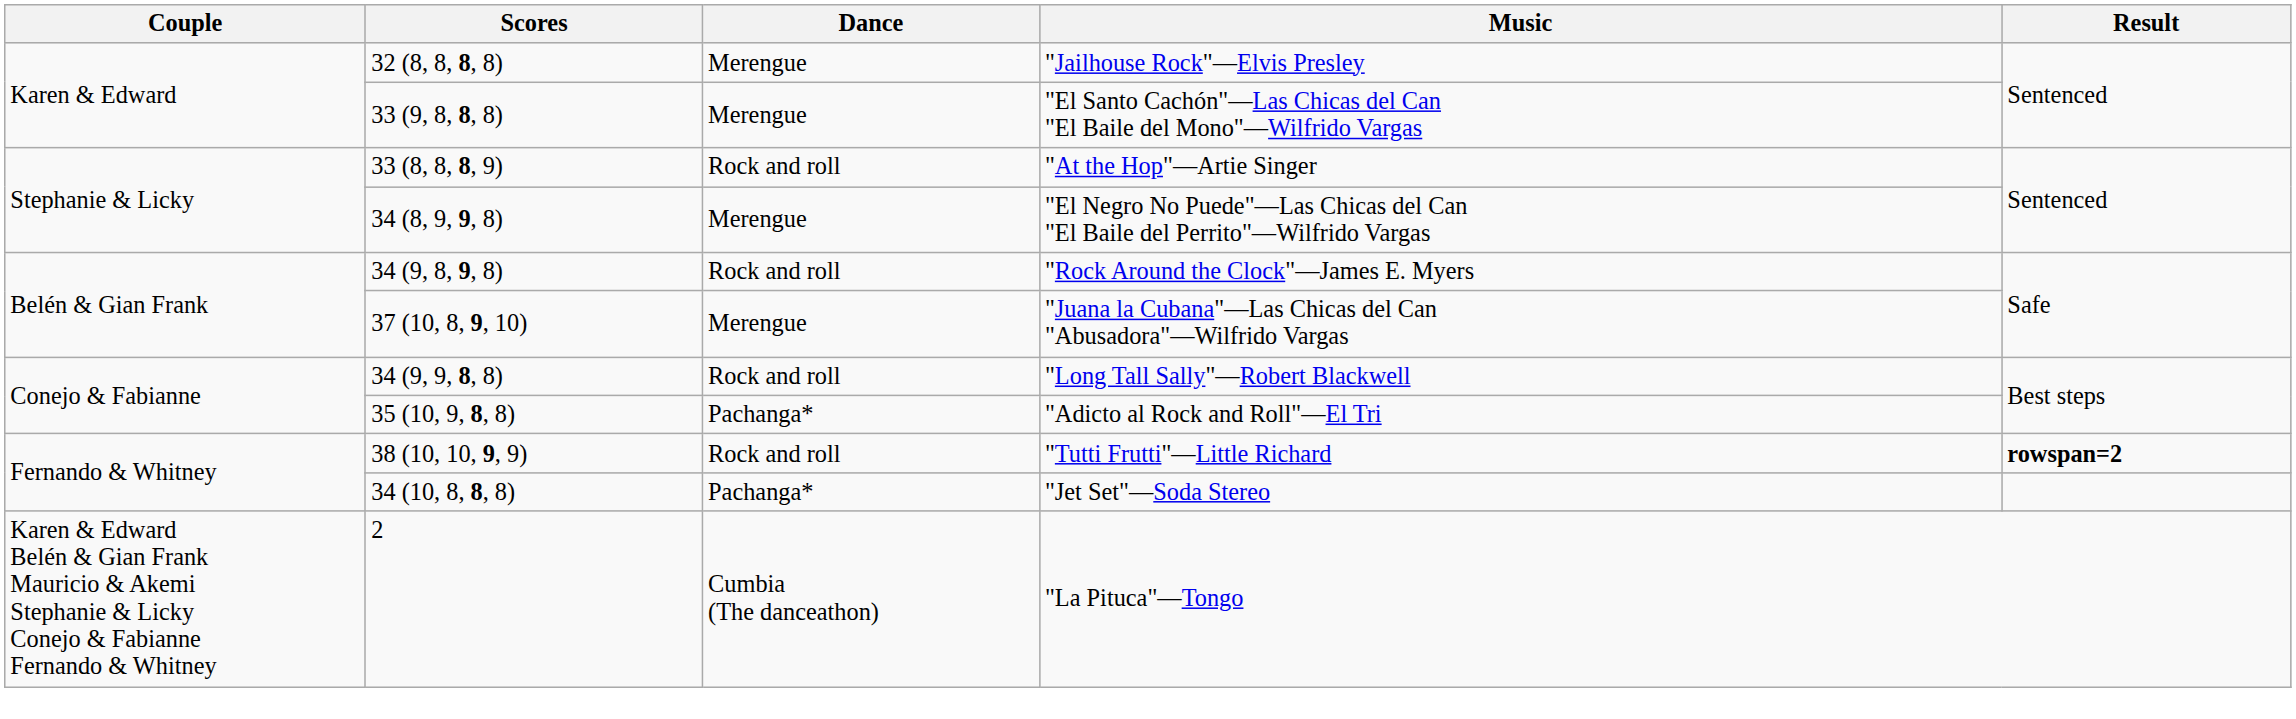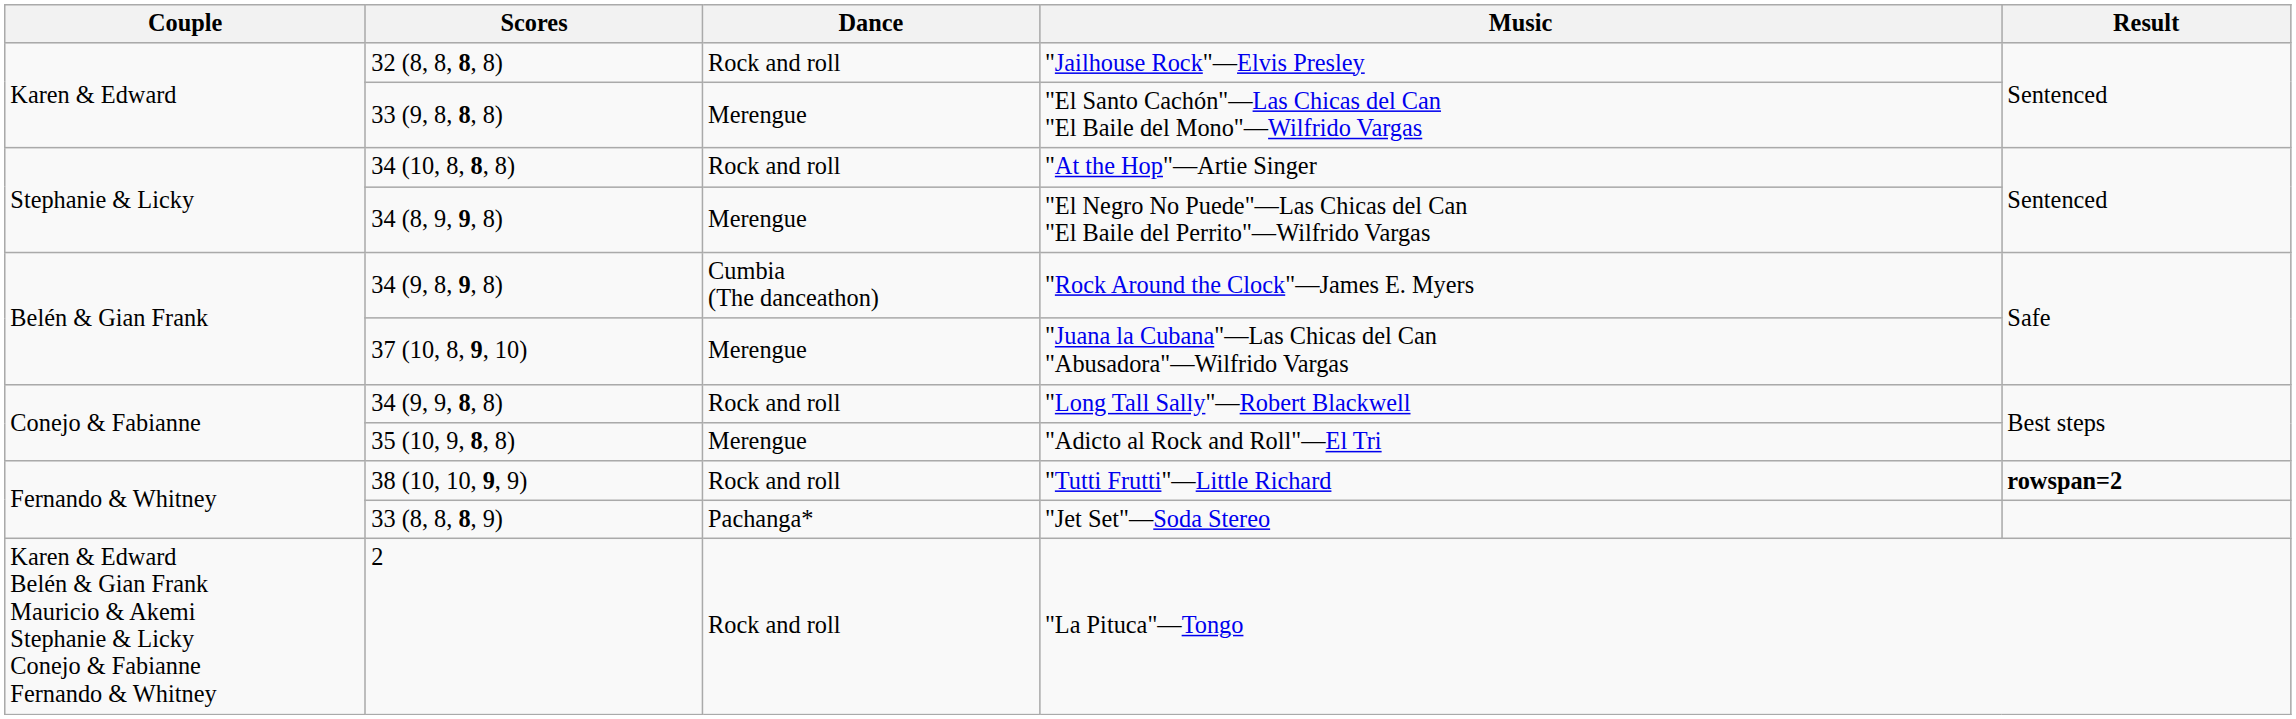 <table class="wikitable sortable" style="width:95%; white-space:nowrap;">
 <tr>
 <th style="width:15%;">Couple</th>
 <th style="width:14%;">Scores</th>
 <th style="width:14%;">Dance</th>
 <th style="width:40%;">Music</th>
 <th style="width:12%;">Result</th>
 </tr>
 <tr>
 <td rowspan=2>Karen & Edward</td>
 <td>32 (8, 8, <strong>8</strong>, 8)</td>
-<td>Merengue</td>
+<td>Rock and roll</td>
 <td>"<a href='#'>Jailhouse Rock</a>"—<a href='#'>Elvis Presley</a></td>
 <td rowspan=2>Sentenced</td>
 </tr>
 <tr>
 <td>33 (9, 8, <strong>8</strong>, 8)</td>
 <td>Merengue</td>
 <td>"El Santo Cachón"—<a href='#'>Las Chicas del Can</a><br>"El Baile del Mono"—<a href='#'>Wilfrido Vargas</a></td>
 </tr>
 <tr>
 <td rowspan=2>Stephanie & Licky</td>
-<td>33 (8, 8, <strong>8</strong>, 9)</td>
+<td>34 (10, 8, <strong>8</strong>, 8)</td>
 <td>Rock and roll</td>
 <td>"<a href='#'>At the Hop</a>"—Artie Singer</td>
 <td rowspan=2>Sentenced</td>
 </tr>
 <tr>
 <td>34 (8, 9, <strong>9</strong>, 8)</td>
 <td>Merengue</td>
 <td>"El Negro No Puede"—Las Chicas del Can<br>"El Baile del Perrito"—Wilfrido Vargas</td>
 </tr>
 <tr>
 <td rowspan=2>Belén & Gian Frank</td>
 <td>34 (9, 8, <strong>9</strong>, 8)</td>
-<td>Rock and roll</td>
+<td>Cumbia<br>(The danceathon)</td>
 <td>"<a href='#'>Rock Around the Clock</a>"—James E. Myers</td>
 <td rowspan=2>Safe</td>
 </tr>
 <tr>
 <td>37 (10, 8, <strong>9</strong>, 10)</td>
 <td>Merengue</td>
 <td>"<a href='#'>Juana la Cubana</a>"—Las Chicas del Can<br>"Abusadora"—Wilfrido Vargas</td>
 </tr>
 <tr>
 <td rowspan=2>Conejo & Fabianne</td>
 <td>34 (9, 9, <strong>8</strong>, 8)</td>
 <td>Rock and roll</td>
 <td>"<a href='#'>Long Tall Sally</a>"—<a href='#'>Robert Blackwell</a></td>
 <td rowspan=2>Best steps</td>
 </tr>
 <tr>
 <td>35 (10, 9, <strong>8</strong>, 8)</td>
-<td>Pachanga*</td>
+<td>Merengue</td>
 <td>"Adicto al Rock and Roll"—<a href='#'>El Tri</a></td>
 </tr>
 <tr>
 <td rowspan=2>Fernando & Whitney</td>
 <td>38 (10, 10, <strong>9</strong>, 9)</td>
 <td>Rock and roll</td>
 <td>"<a href='#'>Tutti Frutti</a>"—<a href='#'>Little Richard</a></td>
 <td><strong>rowspan=2 </strong></td>
 </tr>
 <tr>
-<td>34 (10, 8, <strong>8</strong>, 8)</td>
+<td>33 (8, 8, <strong>8</strong>, 9)</td>
 <td>Pachanga*</td>
 <td>"Jet Set"—<a href='#'>Soda Stereo</a></td>
 </tr>
 <tr>
 <td>Karen & Edward<br>Belén & Gian Frank<br>Mauricio & Akemi<br>Stephanie & Licky<br>Conejo & Fabianne<br>Fernando & Whitney</td>
 <td valign="top">2</td>
-<td>Cumbia<br>(The danceathon)</td>
+<td>Rock and roll</td>
 <td colspan=2>"La Pituca"—<a href='#'>Tongo</a></td>
 </tr>
 </table>
